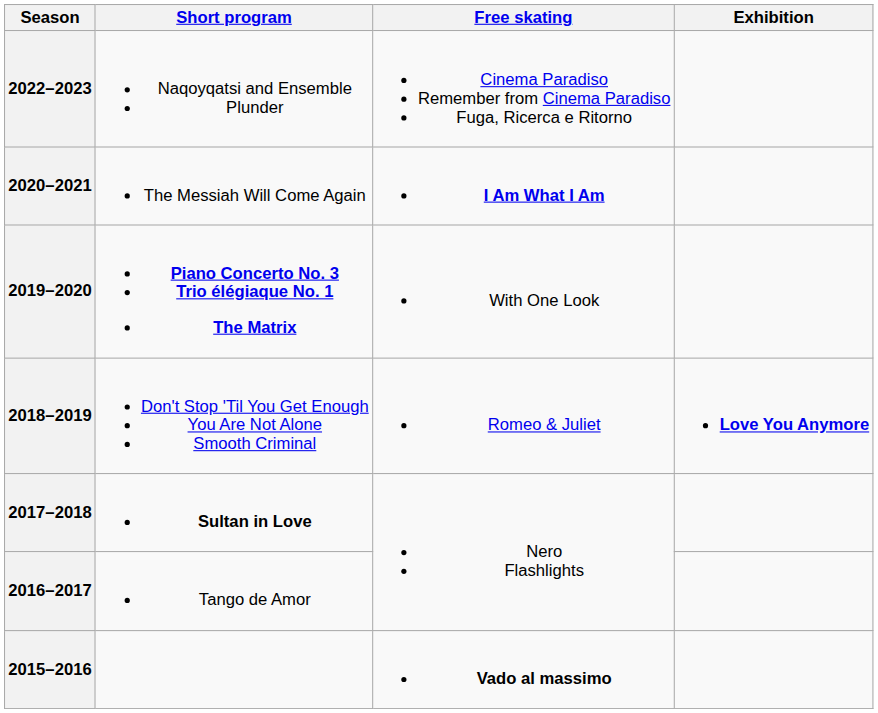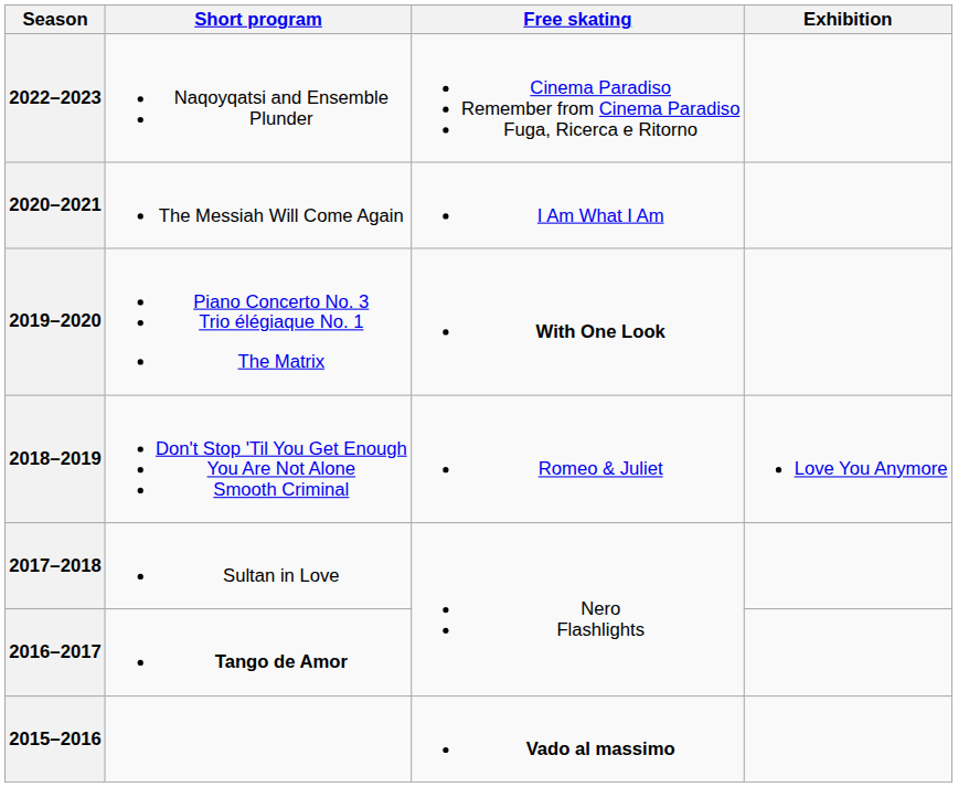 <table class=wikitable style=text-align:center>
 <tr>
 <th>Season</th>
 <th><a href='#'>Short program</a></th>
 <th><a href='#'>Free skating</a></th>
 <th>Exhibition</th>
 </tr>
 <tr>
 <th>2022–2023</th>
 <td><br><ul><li>Naqoyqatsi and Ensemble<br></li><li>Plunder<br></li></ul></td>
 <td><br><ul><li><a href='#'>Cinema Paradiso</a><br></li><li>Remember from <a href='#'>Cinema Paradiso</a><br></li><li>Fuga, Ricerca e Ritorno<br></li></ul></td>
 <td></td>
 </tr>
 <tr>
 <th>2020–2021</th>
 <td><br><ul><li>The Messiah Will Come Again<br></li></ul></td>
-<td><strong><br><ul><li><a href='#'>I Am What I Am</a><br></li></ul></strong></td>
+<td><br><ul><li><a href='#'>I Am What I Am</a><br></li></ul></td>
 <td></td>
 </tr>
 <tr>
 <th>2019–2020<br></th>
-<td><strong><br><ul><li><a href='#'>Piano Concerto No. 3</a></li><li><a href='#'>Trio élégiaque No. 1</a><br></li></ul><ul><li><a href='#'>The Matrix</a><br></li></ul></strong></td>
-<td><br><ul><li>With One Look<br></li></ul></td>
+<td><br><ul><li><a href='#'>Piano Concerto No. 3</a></li><li><a href='#'>Trio élégiaque No. 1</a><br></li></ul><ul><li><a href='#'>The Matrix</a><br></li></ul></td>
+<td><strong><br><ul><li>With One Look<br></li></ul></strong></td>
 <td></td>
 </tr>
 <tr>
 <th>2018–2019<br></th>
 <td><br><ul><li><a href='#'>Don't Stop 'Til You Get Enough</a></li><li><a href='#'>You Are Not Alone</a></li><li><a href='#'>Smooth Criminal</a><br></li></ul></td>
 <td><br><ul><li><a href='#'>Romeo & Juliet</a><br></li></ul></td>
-<td><strong><br><ul><li><a href='#'>Love You Anymore</a><br></li></ul></strong></td>
+<td><br><ul><li><a href='#'>Love You Anymore</a><br></li></ul></td>
 </tr>
 <tr>
 <th>2017–2018<br></th>
-<td><strong><br><ul><li>Sultan in Love<br></li></ul></strong></td>
+<td><br><ul><li>Sultan in Love<br></li></ul></td>
 <td rowspan=2><br><ul><li>Nero<br></li><li>Flashlights<br></li></ul></td>
 <td></td>
 </tr>
 <tr>
 <th>2016–2017</th>
-<td><br><ul><li>Tango de Amor<br></li></ul></td>
+<td><strong><br><ul><li>Tango de Amor<br></li></ul></strong></td>
 <td></td>
 </tr>
 <tr>
 <th>2015–2016</th>
 <td></td>
 <td><strong><br><ul><li>Vado al massimo<br></li></ul></strong></td>
 <td></td>
 </tr>
 </table>
